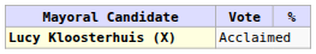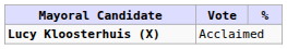 <table class="wikitable">
 <tr>
 <th style="background:#ddf; width:200px;">Mayoral Candidate </th>
 <th style="background:#ddf; width:50px;">Vote</th>
 <th style="background:#ddf; width:30px;">%</th>
 </tr>
 <tr>
-<td style="background: lightyellow;"><strong>Lucy Kloosterhuis (X)</strong></td>
+<td><strong>Lucy Kloosterhuis (X)</strong></td>
 <td colspan="2">Acclaimed</td>
 </tr>
 </table>
